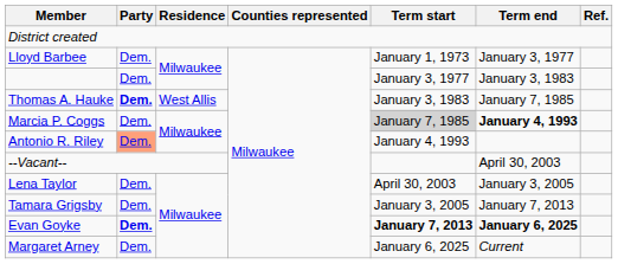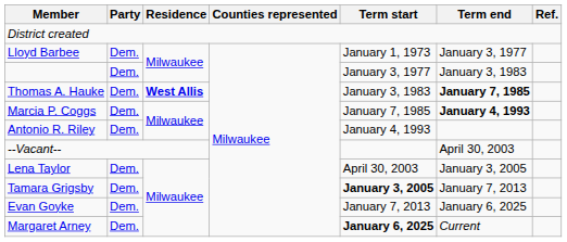 <table class="wikitable">
 <tr>
 <th>Member</th>
 <th>Party</th>
 <th>Residence</th>
 <th>Counties represented</th>
 <th>Term start</th>
 <th>Term end</th>
 <th>Ref.</th>
 </tr>
 <tr>
 <td colspan="7"><em>District created</em></td>
 </tr>
 <tr>
 <td><a href='#'>Lloyd Barbee</a></td>
 <td><a href='#'>Dem.</a></td>
 <td rowspan="2"><a href='#'>Milwaukee</a></td>
 <td rowspan="10"><a href='#'>Milwaukee</a></td>
 <td>January 1, 1973</td>
 <td>January 3, 1977</td>
 <td></td>
 </tr>
 <tr>
 <td></td>
 <td><a href='#'>Dem.</a></td>
 <td>January 3, 1977</td>
 <td>January 3, 1983</td>
 <td></td>
 </tr>
 <tr>
 <td><a href='#'>Thomas A. Hauke</a></td>
-<td><strong><a href='#'>Dem.</a></strong></td>
-<td><a href='#'>West Allis</a></td>
+<td><a href='#'>Dem.</a></td>
+<td><strong><a href='#'>West Allis</a></strong></td>
 <td>January 3, 1983</td>
-<td>January 7, 1985</td>
+<td><strong>January 7, 1985</strong></td>
 <td></td>
 </tr>
 <tr>
 <td><a href='#'>Marcia P. Coggs</a></td>
 <td><a href='#'>Dem.</a></td>
 <td rowspan="2"><a href='#'>Milwaukee</a></td>
-<td style="background: lightgrey;">January 7, 1985</td>
+<td>January 7, 1985</td>
 <td><strong>January 4, 1993</strong></td>
 <td></td>
 </tr>
 <tr>
 <td><a href='#'>Antonio R. Riley</a></td>
-<td style="background: lightsalmon;"><a href='#'>Dem.</a></td>
+<td><a href='#'>Dem.</a></td>
 <td>January 4, 1993</td>
 <td></td>
 <td></td>
 </tr>
 <tr>
 <td colspan="3"><em>--Vacant--</em></td>
 <td></td>
 <td>April 30, 2003</td>
 <td></td>
 </tr>
 <tr>
 <td><a href='#'>Lena Taylor</a></td>
 <td><a href='#'>Dem.</a></td>
 <td rowspan="4"><a href='#'>Milwaukee</a></td>
 <td>April 30, 2003</td>
 <td>January 3, 2005</td>
 <td></td>
 </tr>
 <tr>
 <td><a href='#'>Tamara Grigsby</a></td>
 <td><a href='#'>Dem.</a></td>
-<td>January 3, 2005</td>
+<td><strong>January 3, 2005</strong></td>
 <td>January 7, 2013</td>
 <td></td>
 </tr>
 <tr>
 <td><a href='#'>Evan Goyke</a></td>
-<td><strong><a href='#'>Dem.</a></strong></td>
-<td><strong>January 7, 2013</strong></td>
-<td><strong>January 6, 2025</strong></td>
+<td><a href='#'>Dem.</a></td>
+<td>January 7, 2013</td>
+<td>January 6, 2025</td>
 <td></td>
 </tr>
 <tr>
 <td><a href='#'>Margaret Arney</a></td>
 <td><a href='#'>Dem.</a></td>
-<td>January 6, 2025</td>
+<td><strong>January 6, 2025</strong></td>
 <td><em>Current</em></td>
 <td></td>
 </tr>
 </table>
